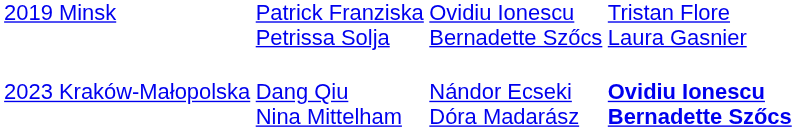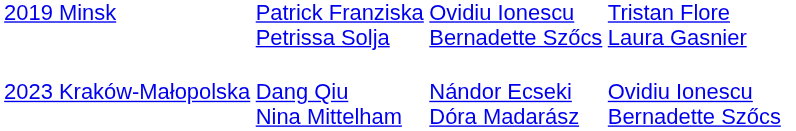 <table>
 <tr valign="center">
 <td><a href='#'>2019 Minsk</a><br></td>
 <td><br><a href='#'>Patrick Franziska</a><br><a href='#'>Petrissa Solja</a></td>
 <td><br><a href='#'>Ovidiu Ionescu</a><br><a href='#'>Bernadette Szőcs</a></td>
 <td><br><a href='#'>Tristan Flore</a><br><a href='#'>Laura Gasnier</a></td>
 </tr>
 <tr valign="center">
 <td><a href='#'>2023 Kraków-Małopolska</a><br></td>
 <td><br><a href='#'>Dang Qiu</a><br><a href='#'>Nina Mittelham</a></td>
 <td><br><a href='#'>Nándor Ecseki</a><br><a href='#'>Dóra Madarász</a></td>
-<td><strong><br><a href='#'>Ovidiu Ionescu</a><br><a href='#'>Bernadette Szőcs</a></strong></td>
+<td><br><a href='#'>Ovidiu Ionescu</a><br><a href='#'>Bernadette Szőcs</a></td>
 </tr>
 </table>
